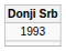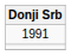 <table class="wikitable" style="margin: 0.5em auto; text-align: center;">
 <tr>
 <th colspan="1">Donji Srb</th>
 </tr>
 <tr>
-<td>1993</td>
+<td>1991</td>
 </tr>
 <tr>
 <td></td>
 </tr>
 <tr>
 </tr>
 </table>
